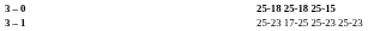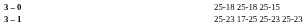 <table width=100% cellspacing=1>
 <tr>
 <th width=20%></th>
 <th width=12%></th>
 <th width=20%></th>
 <th width=33%></th>
 <td></td>
 </tr>
 <tr style=font-size:90%>
 <td align=right><strong></strong></td>
 <td align=center><strong>3 – 0</strong></td>
 <td></td>
-<td><strong>25-18 25-18 25-15</strong></td>
+<td>25-18 25-18 25-15</td>
 <td></td>
 </tr>
 <tr style=font-size:90%>
 <td align=right><strong></strong></td>
 <td align=center><strong>3 – 1</strong></td>
 <td></td>
 <td>25-23 17-25 25-23 25-23</td>
 </tr>
 </table>
